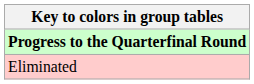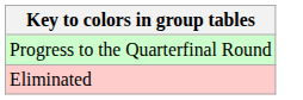 <table class="wikitable" border="1">
 <tr>
 <th>Key to colors in group tables</th>
 </tr>
 <tr style="background:#cfc;">
-<td><strong>Progress to the Quarterfinal Round</strong></td>
+<td>Progress to the Quarterfinal Round</td>
 </tr>
 <tr style="background:#ffcccc;">
 <td>Eliminated</td>
 </tr>
 </table>
